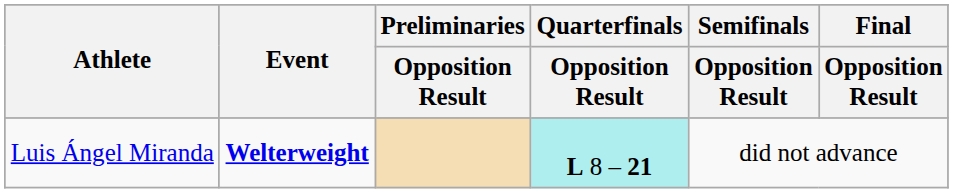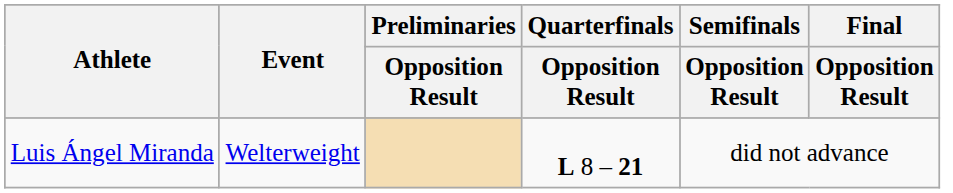 <table class="wikitable" border="1" style="font-size:90%">
 <tr>
 <th rowspan=2>Athlete</th>
 <th rowspan=2>Event</th>
 <th>Preliminaries</th>
 <th>Quarterfinals</th>
 <th>Semifinals</th>
 <th>Final</th>
 </tr>
 <tr>
 <th>Opposition<br>Result</th>
 <th>Opposition<br>Result</th>
 <th>Opposition<br>Result</th>
 <th>Opposition<br>Result</th>
 </tr>
 <tr>
 <td><a href='#'>Luis Ángel Miranda</a></td>
-<td><strong><a href='#'>Welterweight</a></strong></td>
+<td><a href='#'>Welterweight</a></td>
 <td bgcolor=wheat></td>
-<td align=center style="background: paleturquoise;"><br><strong>L</strong> 8 – <strong>21</strong></td>
+<td align=center><br><strong>L</strong> 8 – <strong>21</strong></td>
 <td align=center colspan=2>did not advance</td>
 </tr>
 </table>
